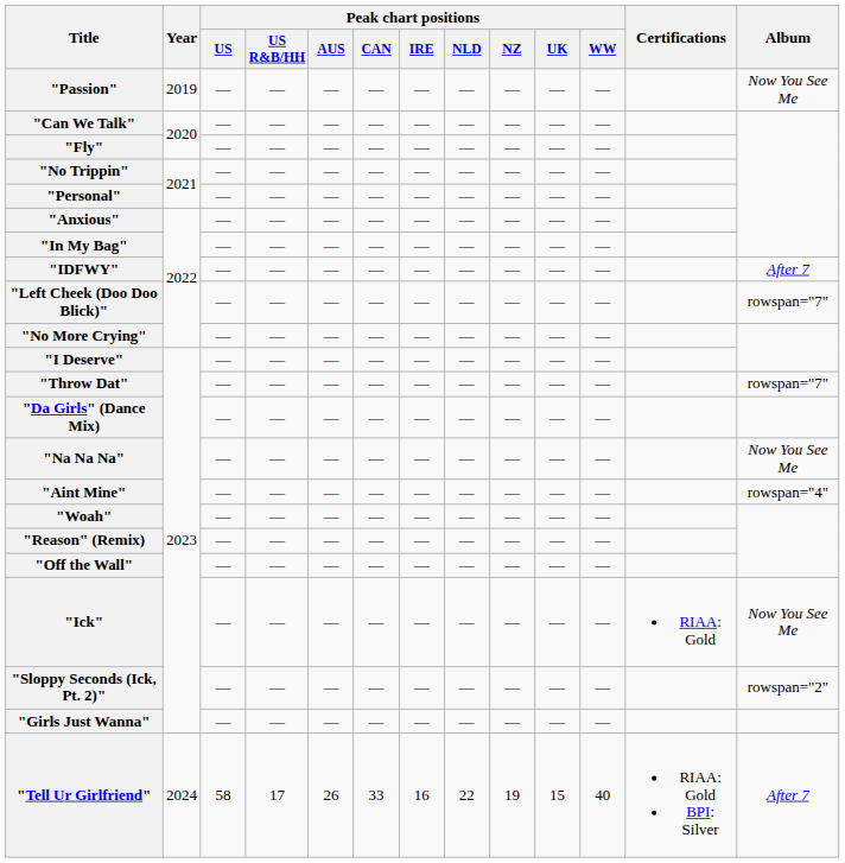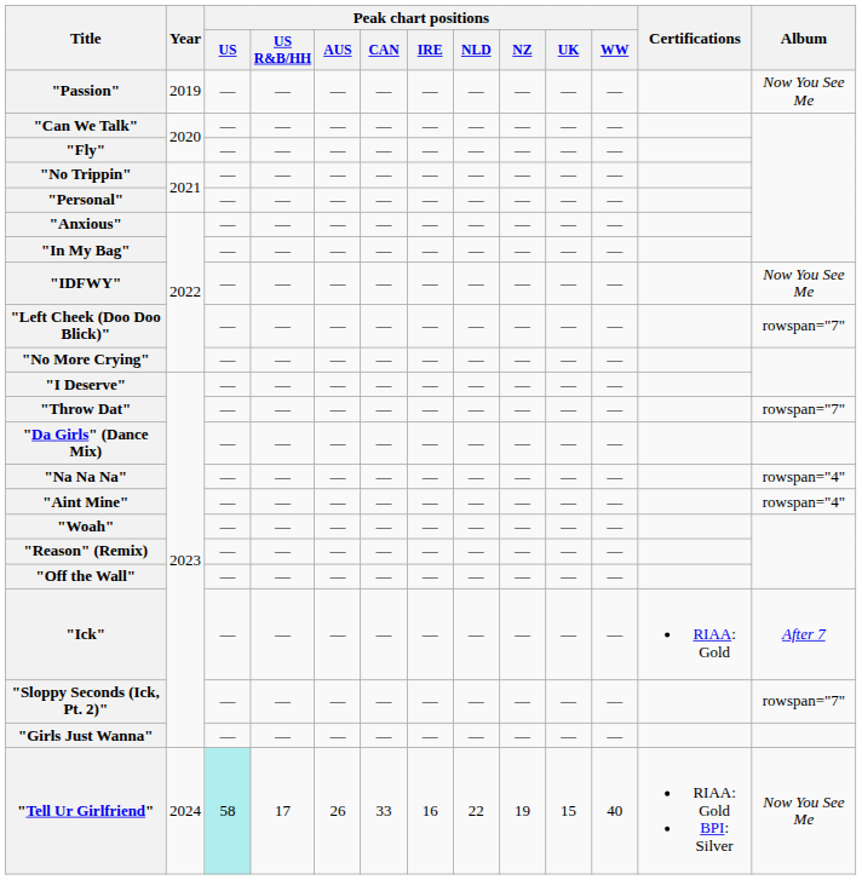 <table class="wikitable plainrowheaders" style="text-align:center;">
 <tr>
 <th scope="col" rowspan="2">Title</th>
 <th scope="col" rowspan="2">Year</th>
 <th scope="col" colspan="9">Peak chart positions</th>
 <th scope="col" rowspan="2">Certifications</th>
 <th scope="col" rowspan="2">Album</th>
 </tr>
 <tr>
 <th scope="col" style="width:2.8em;font-size:90%;"><a href='#'>US</a><br></th>
 <th scope="col" style="width:2.8em;font-size:90%;"><a href='#'>US<br>R&B/HH</a><br></th>
 <th scope="col" style="width:2.8em;font-size:90%;"><a href='#'>AUS</a><br></th>
 <th scope="col" style="width:2.8em;font-size:90%;"><a href='#'>CAN</a><br></th>
 <th scope="col" style="width:2.8em;font-size:90%;"><a href='#'>IRE</a><br></th>
 <th scope="col" style="width:2.8em;font-size:90%;"><a href='#'>NLD</a><br></th>
 <th scope="col" style="width:2.8em;font-size:90%;"><a href='#'>NZ</a><br></th>
 <th scope="col" style="width:2.8em;font-size:90%;"><a href='#'>UK</a><br></th>
 <th scope="col" style="width:2.8em;font-size:90%;"><a href='#'>WW</a><br></th>
 </tr>
 <tr>
 <th scope="row">"Passion"</th>
 <td>2019</td>
 <td>—</td>
 <td>—</td>
 <td>—</td>
 <td>—</td>
 <td>—</td>
 <td>—</td>
 <td>—</td>
 <td>—</td>
 <td>—</td>
 <td></td>
 <td><em>Now You See Me</em></td>
 </tr>
 <tr>
 <th scope="row">"Can We Talk"</th>
 <td rowspan="2">2020</td>
 <td>—</td>
 <td>—</td>
 <td>—</td>
 <td>—</td>
 <td>—</td>
 <td>—</td>
 <td>—</td>
 <td>—</td>
 <td>—</td>
 <td></td>
 </tr>
 <tr>
 <th scope="row">"Fly"</th>
 <td>—</td>
 <td>—</td>
 <td>—</td>
 <td>—</td>
 <td>—</td>
 <td>—</td>
 <td>—</td>
 <td>—</td>
 <td>—</td>
 <td></td>
 </tr>
 <tr>
 <th scope="row">"No Trippin"</th>
 <td rowspan="2">2021</td>
 <td>—</td>
 <td>—</td>
 <td>—</td>
 <td>—</td>
 <td>—</td>
 <td>—</td>
 <td>—</td>
 <td>—</td>
 <td>—</td>
 <td></td>
 </tr>
 <tr>
 <th scope="row">"Personal"</th>
 <td>—</td>
 <td>—</td>
 <td>—</td>
 <td>—</td>
 <td>—</td>
 <td>—</td>
 <td>—</td>
 <td>—</td>
 <td>—</td>
 <td></td>
 </tr>
 <tr>
 <th scope="row">"Anxious"</th>
 <td rowspan="5">2022</td>
 <td>—</td>
 <td>—</td>
 <td>—</td>
 <td>—</td>
 <td>—</td>
 <td>—</td>
 <td>—</td>
 <td>—</td>
 <td>—</td>
 <td></td>
 </tr>
 <tr>
 <th scope="row">"In My Bag"</th>
 <td>—</td>
 <td>—</td>
 <td>—</td>
 <td>—</td>
 <td>—</td>
 <td>—</td>
 <td>—</td>
 <td>—</td>
 <td>—</td>
 <td></td>
 </tr>
 <tr>
 <th scope="row">"IDFWY"</th>
 <td>—</td>
 <td>—</td>
 <td>—</td>
 <td>—</td>
 <td>—</td>
 <td>—</td>
 <td>—</td>
 <td>—</td>
 <td>—</td>
 <td></td>
-<td><em><a href='#'>After 7</a></em></td>
+<td><em>Now You See Me</em></td>
 </tr>
 <tr>
 <th scope="row">"Left Cheek (Doo Doo Blick)"</th>
 <td>—</td>
 <td>—</td>
 <td>—</td>
 <td>—</td>
 <td>—</td>
 <td>—</td>
 <td>—</td>
 <td>—</td>
 <td>—</td>
 <td></td>
 <td>rowspan="7" </td>
 </tr>
 <tr>
 <th scope="row">"No More Crying"<br></th>
 <td>—</td>
 <td>—</td>
 <td>—</td>
 <td>—</td>
 <td>—</td>
 <td>—</td>
 <td>—</td>
 <td>—</td>
 <td>—</td>
 <td></td>
 </tr>
 <tr>
 <th scope="row">"I Deserve"</th>
 <td rowspan="11">2023</td>
 <td>—</td>
 <td>—</td>
 <td>—</td>
 <td>—</td>
 <td>—</td>
 <td>—</td>
 <td>—</td>
 <td>—</td>
 <td>—</td>
 <td></td>
 </tr>
 <tr>
 <th scope="row">"Throw Dat"</th>
 <td>—</td>
 <td>—</td>
 <td>—</td>
 <td>—</td>
 <td>—</td>
 <td>—</td>
 <td>—</td>
 <td>—</td>
 <td>—</td>
 <td></td>
 <td>rowspan="7" </td>
 </tr>
 <tr>
 <th scope="row">"<a href='#'>Da Girls</a>" (Dance Mix)<br></th>
 <td>—</td>
 <td>—</td>
 <td>—</td>
 <td>—</td>
 <td>—</td>
 <td>—</td>
 <td>—</td>
 <td>—</td>
 <td>—</td>
 <td></td>
 <td></td>
 </tr>
 <tr>
 <th scope="row">"Na Na Na"</th>
 <td>—</td>
 <td>—</td>
 <td>—</td>
 <td>—</td>
 <td>—</td>
 <td>—</td>
 <td>—</td>
 <td>—</td>
 <td>—</td>
 <td></td>
-<td><em>Now You See Me</em></td>
+<td>rowspan="4" </td>
 </tr>
 <tr>
 <th scope="row">"Aint Mine"<br></th>
 <td>—</td>
 <td>—</td>
 <td>—</td>
 <td>—</td>
 <td>—</td>
 <td>—</td>
 <td>—</td>
 <td>—</td>
 <td>—</td>
 <td></td>
 <td>rowspan="4" </td>
 </tr>
 <tr>
 <th scope="row">"Woah"<br></th>
 <td>—</td>
 <td>—</td>
 <td>—</td>
 <td>—</td>
 <td>—</td>
 <td>—</td>
 <td>—</td>
 <td>—</td>
 <td>—</td>
 <td></td>
 </tr>
 <tr>
 <th scope="row">"Reason" (Remix)<br></th>
 <td>—</td>
 <td>—</td>
 <td>—</td>
 <td>—</td>
 <td>—</td>
 <td>—</td>
 <td>—</td>
 <td>—</td>
 <td>—</td>
 <td></td>
 </tr>
 <tr>
 <th scope="row">"Off the Wall"</th>
 <td>—</td>
 <td>—</td>
 <td>—</td>
 <td>—</td>
 <td>—</td>
 <td>—</td>
 <td>—</td>
 <td>—</td>
 <td>—</td>
 <td></td>
 </tr>
 <tr>
 <th scope="row">"Ick"</th>
 <td>—</td>
 <td>—</td>
 <td>—</td>
 <td>—</td>
 <td>—</td>
 <td>—</td>
 <td>—</td>
 <td>—</td>
 <td>—</td>
 <td><br><ul><li><a href='#'>RIAA</a>: Gold</li></ul></td>
-<td><em>Now You See Me</em></td>
+<td><em><a href='#'>After 7</a></em></td>
 </tr>
 <tr>
 <th scope="row">"Sloppy Seconds (Ick, Pt. 2)"</th>
 <td>—</td>
 <td>—</td>
 <td>—</td>
 <td>—</td>
 <td>—</td>
 <td>—</td>
 <td>—</td>
 <td>—</td>
 <td>—</td>
 <td></td>
-<td>rowspan="2" </td>
+<td>rowspan="7" </td>
 </tr>
 <tr>
 <th scope="row">"Girls Just Wanna"</th>
 <td>—</td>
 <td>—</td>
 <td>—</td>
 <td>—</td>
 <td>—</td>
 <td>—</td>
 <td>—</td>
 <td>—</td>
 <td>—</td>
 <td></td>
 </tr>
 <tr>
 <th scope="row">"<a href='#'>Tell Ur Girlfriend</a>"</th>
 <td>2024</td>
-<td>58</td>
+<td style="background: paleturquoise;">58</td>
 <td>17</td>
 <td>26</td>
 <td>33</td>
 <td>16<br></td>
 <td>22</td>
 <td>19</td>
 <td>15</td>
 <td>40</td>
 <td><br><ul><li>RIAA: Gold</li><li><a href='#'>BPI</a>: Silver</li></ul></td>
-<td><em><a href='#'>After 7</a></em></td>
+<td><em>Now You See Me</em></td>
 </tr>
 </table>
